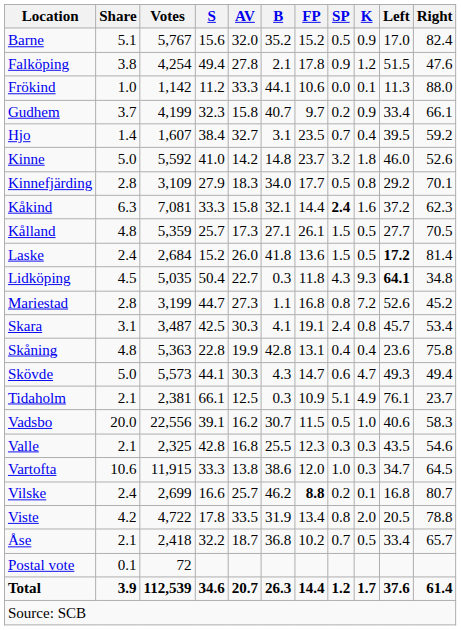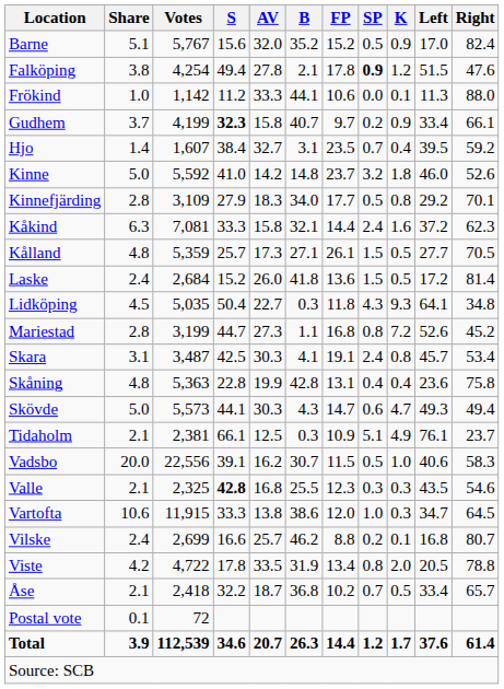 <table class="wikitable sortable" style=text-align:right>
 <tr>
 <th>Location</th>
 <th>Share</th>
 <th>Votes</th>
 <th><a href='#'>S</a></th>
 <th><a href='#'>AV</a></th>
 <th><a href='#'>B</a></th>
 <th><a href='#'>FP</a></th>
 <th><a href='#'>SP</a></th>
 <th><a href='#'>K</a></th>
 <th>Left</th>
 <th>Right</th>
 </tr>
 <tr>
 <td align=left><a href='#'>Barne</a></td>
 <td>5.1</td>
 <td>5,767</td>
 <td>15.6</td>
 <td>32.0</td>
 <td>35.2</td>
 <td>15.2</td>
 <td>0.5</td>
 <td>0.9</td>
 <td>17.0</td>
 <td>82.4</td>
 </tr>
 <tr>
 <td align=left><a href='#'>Falköping</a></td>
 <td>3.8</td>
 <td>4,254</td>
 <td>49.4</td>
 <td>27.8</td>
 <td>2.1</td>
 <td>17.8</td>
-<td>0.9</td>
+<td><strong>0.9</strong></td>
 <td>1.2</td>
 <td>51.5</td>
 <td>47.6</td>
 </tr>
 <tr>
 <td align=left><a href='#'>Frökind</a></td>
 <td>1.0</td>
 <td>1,142</td>
 <td>11.2</td>
 <td>33.3</td>
 <td>44.1</td>
 <td>10.6</td>
 <td>0.0</td>
 <td>0.1</td>
 <td>11.3</td>
 <td>88.0</td>
 </tr>
 <tr>
 <td align=left><a href='#'>Gudhem</a></td>
 <td>3.7</td>
 <td>4,199</td>
-<td>32.3</td>
+<td><strong>32.3</strong></td>
 <td>15.8</td>
 <td>40.7</td>
 <td>9.7</td>
 <td>0.2</td>
 <td>0.9</td>
 <td>33.4</td>
 <td>66.1</td>
 </tr>
 <tr>
 <td align=left><a href='#'>Hjo</a></td>
 <td>1.4</td>
 <td>1,607</td>
 <td>38.4</td>
 <td>32.7</td>
 <td>3.1</td>
 <td>23.5</td>
 <td>0.7</td>
 <td>0.4</td>
 <td>39.5</td>
 <td>59.2</td>
 </tr>
 <tr>
 <td align=left><a href='#'>Kinne</a></td>
 <td>5.0</td>
 <td>5,592</td>
 <td>41.0</td>
 <td>14.2</td>
 <td>14.8</td>
 <td>23.7</td>
 <td>3.2</td>
 <td>1.8</td>
 <td>46.0</td>
 <td>52.6</td>
 </tr>
 <tr>
 <td align=left><a href='#'>Kinnefjärding</a></td>
 <td>2.8</td>
 <td>3,109</td>
 <td>27.9</td>
 <td>18.3</td>
 <td>34.0</td>
 <td>17.7</td>
 <td>0.5</td>
 <td>0.8</td>
 <td>29.2</td>
 <td>70.1</td>
 </tr>
 <tr>
 <td align=left><a href='#'>Kåkind</a></td>
 <td>6.3</td>
 <td>7,081</td>
 <td>33.3</td>
 <td>15.8</td>
 <td>32.1</td>
 <td>14.4</td>
-<td><strong>2.4</strong></td>
+<td>2.4</td>
 <td>1.6</td>
 <td>37.2</td>
 <td>62.3</td>
 </tr>
 <tr>
 <td align=left><a href='#'>Kålland</a></td>
 <td>4.8</td>
 <td>5,359</td>
 <td>25.7</td>
 <td>17.3</td>
 <td>27.1</td>
 <td>26.1</td>
 <td>1.5</td>
 <td>0.5</td>
 <td>27.7</td>
 <td>70.5</td>
 </tr>
 <tr>
 <td align=left><a href='#'>Laske</a></td>
 <td>2.4</td>
 <td>2,684</td>
 <td>15.2</td>
 <td>26.0</td>
 <td>41.8</td>
 <td>13.6</td>
 <td>1.5</td>
 <td>0.5</td>
-<td><strong>17.2</strong></td>
+<td>17.2</td>
 <td>81.4</td>
 </tr>
 <tr>
 <td align=left><a href='#'>Lidköping</a></td>
 <td>4.5</td>
 <td>5,035</td>
 <td>50.4</td>
 <td>22.7</td>
 <td>0.3</td>
 <td>11.8</td>
 <td>4.3</td>
 <td>9.3</td>
-<td><strong>64.1</strong></td>
+<td>64.1</td>
 <td>34.8</td>
 </tr>
 <tr>
 <td align=left><a href='#'>Mariestad</a></td>
 <td>2.8</td>
 <td>3,199</td>
 <td>44.7</td>
 <td>27.3</td>
 <td>1.1</td>
 <td>16.8</td>
 <td>0.8</td>
 <td>7.2</td>
 <td>52.6</td>
 <td>45.2</td>
 </tr>
 <tr>
 <td align=left><a href='#'>Skara</a></td>
 <td>3.1</td>
 <td>3,487</td>
 <td>42.5</td>
 <td>30.3</td>
 <td>4.1</td>
 <td>19.1</td>
 <td>2.4</td>
 <td>0.8</td>
 <td>45.7</td>
 <td>53.4</td>
 </tr>
 <tr>
 <td align=left><a href='#'>Skåning</a></td>
 <td>4.8</td>
 <td>5,363</td>
 <td>22.8</td>
 <td>19.9</td>
 <td>42.8</td>
 <td>13.1</td>
 <td>0.4</td>
 <td>0.4</td>
 <td>23.6</td>
 <td>75.8</td>
 </tr>
 <tr>
 <td align=left><a href='#'>Skövde</a></td>
 <td>5.0</td>
 <td>5,573</td>
 <td>44.1</td>
 <td>30.3</td>
 <td>4.3</td>
 <td>14.7</td>
 <td>0.6</td>
 <td>4.7</td>
 <td>49.3</td>
 <td>49.4</td>
 </tr>
 <tr>
 <td align=left><a href='#'>Tidaholm</a></td>
 <td>2.1</td>
 <td>2,381</td>
 <td>66.1</td>
 <td>12.5</td>
 <td>0.3</td>
 <td>10.9</td>
 <td>5.1</td>
 <td>4.9</td>
 <td>76.1</td>
 <td>23.7</td>
 </tr>
 <tr>
 <td align=left><a href='#'>Vadsbo</a></td>
 <td>20.0</td>
 <td>22,556</td>
 <td>39.1</td>
 <td>16.2</td>
 <td>30.7</td>
 <td>11.5</td>
 <td>0.5</td>
 <td>1.0</td>
 <td>40.6</td>
 <td>58.3</td>
 </tr>
 <tr>
 <td align=left><a href='#'>Valle</a></td>
 <td>2.1</td>
 <td>2,325</td>
-<td>42.8</td>
+<td><strong>42.8</strong></td>
 <td>16.8</td>
 <td>25.5</td>
 <td>12.3</td>
 <td>0.3</td>
 <td>0.3</td>
 <td>43.5</td>
 <td>54.6</td>
 </tr>
 <tr>
 <td align=left><a href='#'>Vartofta</a></td>
 <td>10.6</td>
 <td>11,915</td>
 <td>33.3</td>
 <td>13.8</td>
 <td>38.6</td>
 <td>12.0</td>
 <td>1.0</td>
 <td>0.3</td>
 <td>34.7</td>
 <td>64.5</td>
 </tr>
 <tr>
 <td align=left><a href='#'>Vilske</a></td>
 <td>2.4</td>
 <td>2,699</td>
 <td>16.6</td>
 <td>25.7</td>
 <td>46.2</td>
-<td><strong>8.8</strong></td>
+<td>8.8</td>
 <td>0.2</td>
 <td>0.1</td>
 <td>16.8</td>
 <td>80.7</td>
 </tr>
 <tr>
 <td align=left><a href='#'>Viste</a></td>
 <td>4.2</td>
 <td>4,722</td>
 <td>17.8</td>
 <td>33.5</td>
 <td>31.9</td>
 <td>13.4</td>
 <td>0.8</td>
 <td>2.0</td>
 <td>20.5</td>
 <td>78.8</td>
 </tr>
 <tr>
 <td align=left><a href='#'>Åse</a></td>
 <td>2.1</td>
 <td>2,418</td>
 <td>32.2</td>
 <td>18.7</td>
 <td>36.8</td>
 <td>10.2</td>
 <td>0.7</td>
 <td>0.5</td>
 <td>33.4</td>
 <td>65.7</td>
 </tr>
 <tr>
 <td align=left><a href='#'>Postal vote</a></td>
 <td>0.1</td>
 <td>72</td>
 <td></td>
 <td></td>
 <td></td>
 <td></td>
 <td></td>
 <td></td>
 <td></td>
 <td></td>
 </tr>
 <tr>
 <td align=left><strong>Total</strong></td>
 <td><strong>3.9</strong></td>
 <td><strong>112,539</strong></td>
 <td><strong>34.6</strong></td>
 <td><strong>20.7</strong></td>
 <td><strong>26.3</strong></td>
 <td><strong>14.4</strong></td>
 <td><strong>1.2</strong></td>
 <td><strong>1.7</strong></td>
 <td><strong>37.6</strong></td>
 <td><strong>61.4</strong></td>
 </tr>
 <tr>
 <td align=left colspan=11>Source: SCB </td>
 </tr>
 </table>
